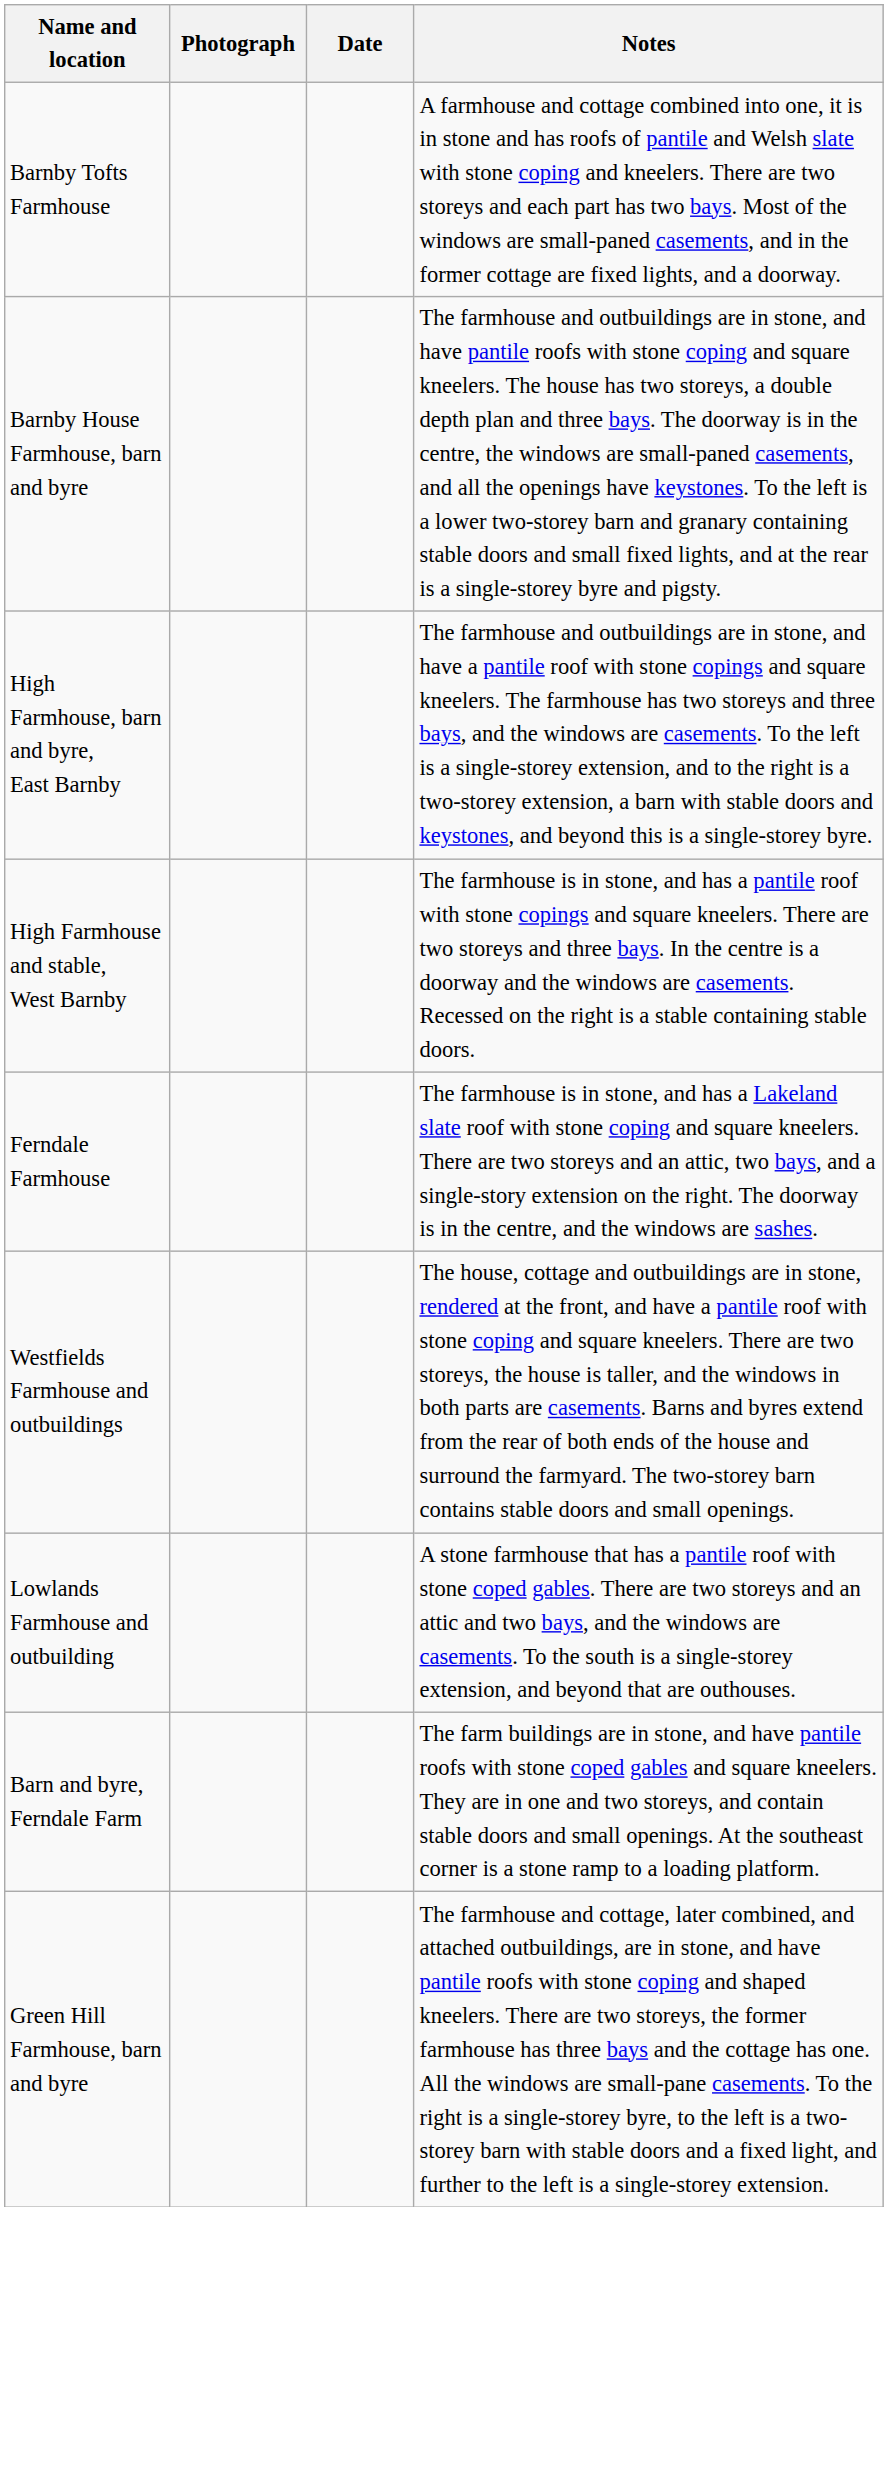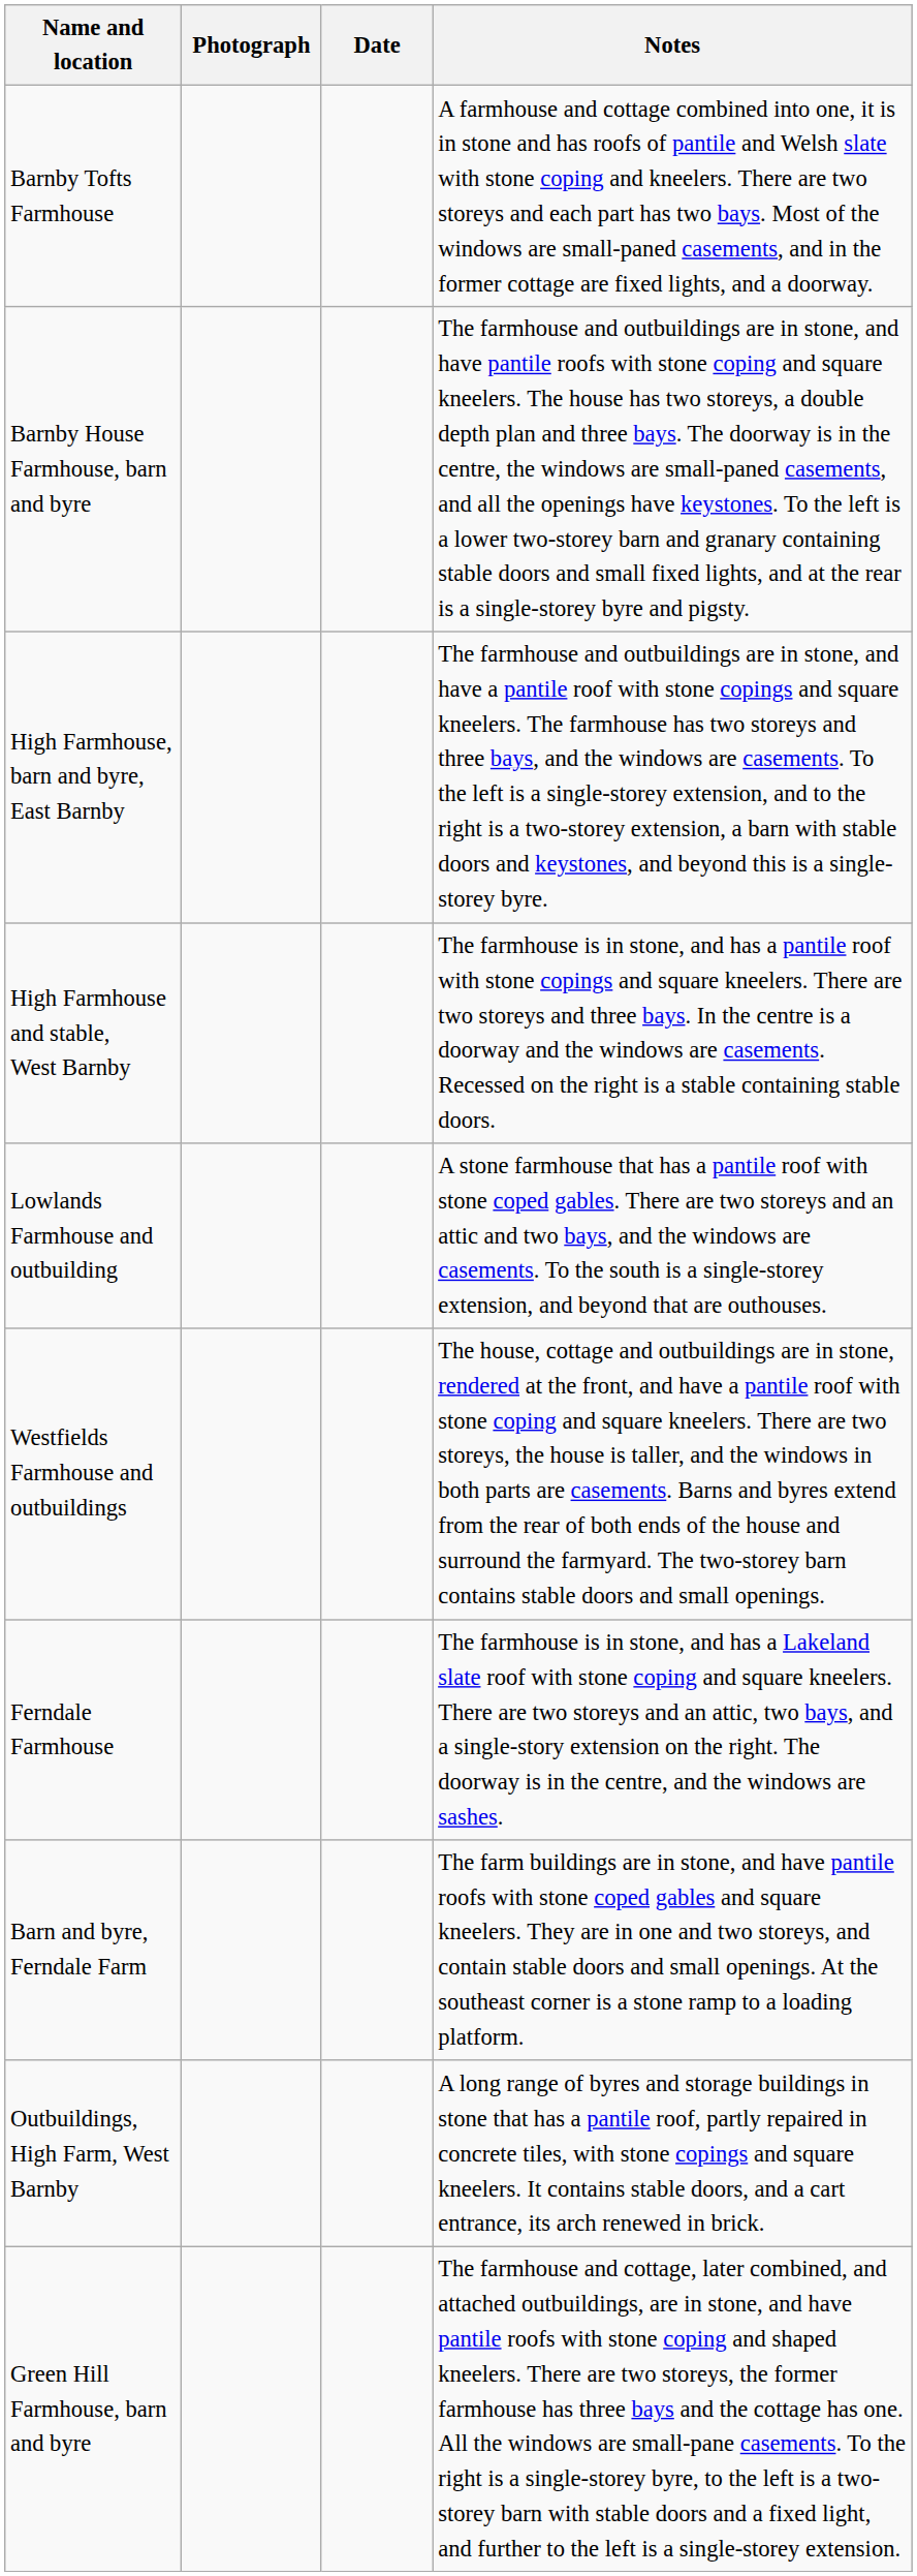 <table class="wikitable sortable plainrowheaders" style="width:100%;border:0px;text-align:left;line-height:150%;">
 <tr>
 <th scope="col"  style="width:150px">Name and location</th>
 <th scope="col"  style="width:100px" class="unsortable">Photograph</th>
 <th scope="col"  style="width:120px">Date</th>
 <th scope="col"  style="width:650px" class="unsortable">Notes</th>
 </tr>
 <tr>
 <td>Barnby Tofts Farmhouse<br><small></small></td>
 <td></td>
 <td align="center"></td>
 <td>A farmhouse and cottage combined into one, it is in stone and has roofs of <a href='#'>pantile</a> and Welsh <a href='#'>slate</a> with stone <a href='#'>coping</a> and kneelers.  There are two storeys and each part has two <a href='#'>bays</a>.  Most of the windows are small-paned <a href='#'>casements</a>, and in the former cottage are fixed lights, and a doorway.</td>
 </tr>
 <tr>
 <td>Barnby House Farmhouse, barn and byre<br><small></small></td>
 <td></td>
 <td align="center"></td>
 <td>The farmhouse and outbuildings are in stone, and have <a href='#'>pantile</a> roofs with stone <a href='#'>coping</a> and square kneelers.  The house has two storeys, a double depth plan and three <a href='#'>bays</a>.  The doorway is in the centre, the windows are small-paned <a href='#'>casements</a>, and all the openings have <a href='#'>keystones</a>.  To the left is a lower two-storey barn and granary containing stable doors and small fixed lights, and at the rear is a single-storey byre and pigsty.</td>
 </tr>
 <tr>
 <td>High Farmhouse, barn and byre,<br>East Barnby<br><small></small></td>
 <td></td>
 <td align="center"></td>
 <td>The farmhouse and outbuildings are in stone, and have a <a href='#'>pantile</a> roof with stone <a href='#'>copings</a> and square kneelers.  The farmhouse has two storeys and three <a href='#'>bays</a>, and the windows are <a href='#'>casements</a>.  To the left is a single-storey extension, and to the right is a two-storey extension, a barn with stable doors and <a href='#'>keystones</a>, and beyond this is a single-storey byre.</td>
 </tr>
 <tr>
 <td>High Farmhouse and stable,<br>West Barnby<br><small></small></td>
 <td></td>
 <td align="center"></td>
 <td>The farmhouse is in stone, and has a <a href='#'>pantile</a> roof with stone <a href='#'>copings</a> and square kneelers.  There are two storeys and three <a href='#'>bays</a>.  In the centre is a doorway and the windows are <a href='#'>casements</a>.  Recessed on the right is a stable containing stable doors.</td>
 </tr>
 <tr>
-<td>Ferndale Farmhouse<br><small></small></td>
+<td>Lowlands Farmhouse and outbuilding<br><small></small></td>
 <td></td>
 <td align="center"></td>
-<td>The farmhouse is in stone, and has a <a href='#'>Lakeland</a> <a href='#'>slate</a> roof with stone <a href='#'>coping</a> and square kneelers.  There are two storeys and an attic, two <a href='#'>bays</a>, and a single-story extension on the right.  The doorway is in the centre, and the windows are <a href='#'>sashes</a>.</td>
+<td>A stone farmhouse that has a <a href='#'>pantile</a> roof with stone <a href='#'>coped</a> <a href='#'>gables</a>.  There are two storeys and an attic and two <a href='#'>bays</a>, and the windows are <a href='#'>casements</a>.  To the south is a single-storey extension, and beyond that are outhouses.</td>
 </tr>
 <tr>
 <td>Westfields Farmhouse and outbuildings<br><small></small></td>
 <td></td>
 <td align="center"></td>
 <td>The house, cottage and outbuildings are in stone, <a href='#'>rendered</a> at the front, and have a <a href='#'>pantile</a> roof with stone <a href='#'>coping</a> and square kneelers. There are two storeys, the house is taller, and the windows in both parts are <a href='#'>casements</a>.  Barns and byres extend from the rear of both ends of the house and surround the farmyard.  The two-storey barn contains stable doors and small openings.</td>
 </tr>
 <tr>
-<td>Lowlands Farmhouse and outbuilding<br><small></small></td>
+<td>Ferndale Farmhouse<br><small></small></td>
 <td></td>
 <td align="center"></td>
-<td>A stone farmhouse that has a <a href='#'>pantile</a> roof with stone <a href='#'>coped</a> <a href='#'>gables</a>.  There are two storeys and an attic and two <a href='#'>bays</a>, and the windows are <a href='#'>casements</a>.  To the south is a single-storey extension, and beyond that are outhouses.</td>
+<td>The farmhouse is in stone, and has a <a href='#'>Lakeland</a> <a href='#'>slate</a> roof with stone <a href='#'>coping</a> and square kneelers.  There are two storeys and an attic, two <a href='#'>bays</a>, and a single-story extension on the right.  The doorway is in the centre, and the windows are <a href='#'>sashes</a>.</td>
 </tr>
 <tr>
 <td>Barn and byre, Ferndale Farm<br><small></small></td>
 <td></td>
 <td align="center"></td>
 <td>The farm buildings are in stone, and have <a href='#'>pantile</a> roofs with stone <a href='#'>coped</a> <a href='#'>gables</a> and square kneelers.  They are in one and two storeys, and contain stable doors and small openings.  At the southeast corner is a stone ramp to a loading platform.</td>
+</tr>
+<tr>
+<td>Outbuildings, High Farm, West Barnby<br><small></small></td>
+<td></td>
+<td align="center"></td>
+<td>A long range of byres and storage buildings in stone that has a <a href='#'>pantile</a> roof, partly repaired in concrete tiles, with stone <a href='#'>copings</a> and square kneelers.  It contains stable doors, and a cart entrance, its arch renewed in brick.</td>
 </tr>
 <tr>
 <td>Green Hill Farmhouse, barn and byre<br><small></small></td>
 <td></td>
 <td align="center"></td>
 <td>The farmhouse and cottage, later combined, and attached outbuildings, are in stone, and have <a href='#'>pantile</a> roofs with stone <a href='#'>coping</a> and shaped kneelers.  There are two storeys, the former farmhouse has three <a href='#'>bays</a> and the cottage has one.  All the windows are small-pane <a href='#'>casements</a>.  To the right is a single-storey byre, to the left is a two-storey barn with stable doors and a fixed light, and further to the left is a single-storey extension.</td>
 </tr>
 <tr>
 </tr>
 </table>
